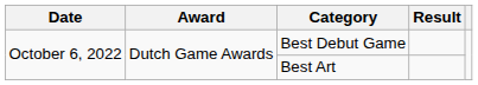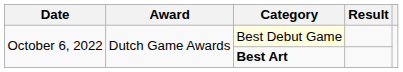 <table class="wikitable plainrowheaders">
 <tr>
 <th scope="col">Date</th>
 <th scope="col">Award</th>
 <th scope="col">Category</th>
 <th scope="col">Result</th>
 <th scope="col" class="unsortable"></th>
 </tr>
 <tr>
 <td rowspan="2">October 6, 2022</td>
 <td rowspan="2">Dutch Game Awards</td>
-<td>Best Debut Game</td>
+<td style="background: lightyellow;">Best Debut Game</td>
 <td></td>
 <td rowspan="2" style="text-align:center;"></td>
 </tr>
 <tr>
-<td>Best Art</td>
+<td><strong>Best Art</strong></td>
 <td></td>
 </tr>
 </table>
